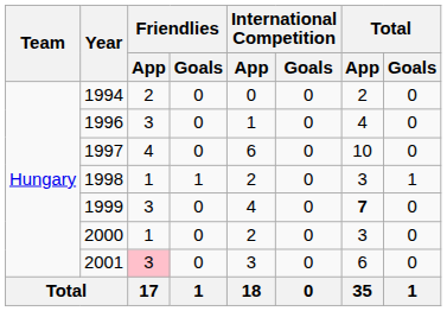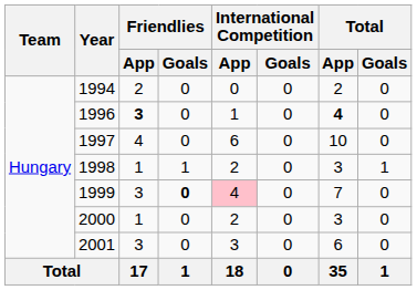 <table class="wikitable" style="text-align:center">
 <tr>
 <th rowspan="2">Team</th>
 <th rowspan="2">Year</th>
 <th colspan="2">Friendlies</th>
 <th colspan="2">International<br>Competition</th>
 <th colspan="2">Total</th>
 </tr>
 <tr>
 <th>App</th>
 <th>Goals</th>
 <th>App</th>
 <th>Goals</th>
 <th>App</th>
 <th>Goals</th>
 </tr>
 <tr>
 <td rowspan="7"><a href='#'>Hungary</a></td>
 <td>1994</td>
 <td>2</td>
 <td>0</td>
 <td>0</td>
 <td>0</td>
 <td>2</td>
 <td>0</td>
 </tr>
 <tr>
 <td>1996</td>
-<td>3</td>
+<td><strong>3</strong></td>
 <td>0</td>
 <td>1</td>
 <td>0</td>
-<td>4</td>
+<td><strong>4</strong></td>
 <td>0</td>
 </tr>
 <tr>
 <td>1997</td>
 <td>4</td>
 <td>0</td>
 <td>6</td>
 <td>0</td>
 <td>10</td>
 <td>0</td>
 </tr>
 <tr>
 <td>1998</td>
 <td>1</td>
 <td>1</td>
 <td>2</td>
 <td>0</td>
 <td>3</td>
 <td>1</td>
 </tr>
 <tr>
 <td>1999</td>
 <td>3</td>
+<td><strong>0</strong></td>
+<td style="background: pink;">4</td>
 <td>0</td>
-<td>4</td>
-<td>0</td>
-<td><strong>7</strong></td>
+<td>7</td>
 <td>0</td>
 </tr>
 <tr>
 <td>2000</td>
 <td>1</td>
 <td>0</td>
 <td>2</td>
 <td>0</td>
 <td>3</td>
 <td>0</td>
 </tr>
 <tr>
 <td>2001</td>
-<td style="background: pink;">3</td>
+<td>3</td>
 <td>0</td>
 <td>3</td>
 <td>0</td>
 <td>6</td>
 <td>0</td>
 </tr>
 <tr>
 <th colspan="2">Total</th>
 <th>17</th>
 <th>1</th>
 <th>18</th>
 <th>0</th>
 <th>35</th>
 <th>1</th>
 </tr>
 </table>
